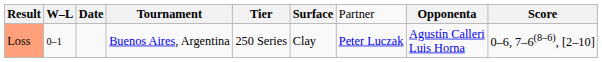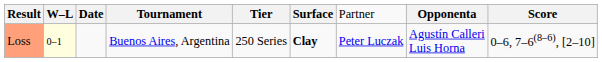 <table class="sortable wikitable">
 <tr>
 <th>Result</th>
 <th class="unsortable">W–L</th>
 <th>Date</th>
 <th>Tournament</th>
 <th>Tier</th>
 <th>Surface</th>
 <td>Partner</td>
 <th>Opponenta</th>
 <th class="unsortable">Score</th>
 </tr>
 <tr>
 <td bgcolor=FFA07A>Loss</td>
-<td><small>0–1</small></td>
+<td style="background: lightyellow;"><small>0–1</small></td>
 <td><a href='#'></a></td>
 <td><a href='#'>Buenos Aires</a>, Argentina</td>
 <td>250 Series</td>
-<td>Clay</td>
+<td><strong>Clay</strong></td>
 <td> <a href='#'>Peter Luczak</a></td>
 <td> <a href='#'>Agustín Calleri</a> <br>  <a href='#'>Luis Horna</a></td>
 <td>0–6, 7–6<sup>(8–6)</sup>, [2–10]</td>
 </tr>
 </table>
